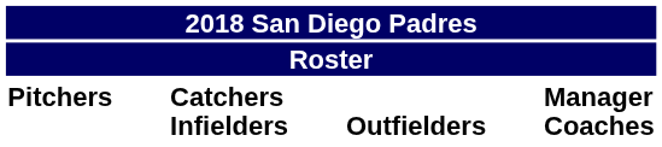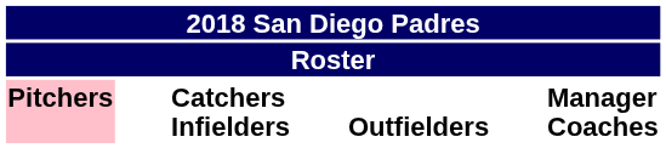 <table class="toccolours" style="font-size: 95%;">
 <tr>
 <th colspan="10" style="background-color: #000066; color: #FFFFFF; text-align: center;">2018 San Diego Padres</th>
 </tr>
 <tr>
 <td colspan="10" style="background-color: #000066; color: #FFFFFF; text-align: center;"><strong>Roster</strong></td>
 </tr>
 <tr>
-<td valign="top"><strong>Pitchers</strong><br>                            </td>
+<td valign="top" style="background: pink;"><strong>Pitchers</strong><br>                            </td>
 <td width="25px"></td>
 <td valign="top"><strong>Catchers</strong><br>    <strong>Infielders</strong>         </td>
 <td width="25px"></td>
 <td valign="top"><br><strong>Outfielders</strong>       </td>
 <td width="25px"></td>
 <td valign="top"><strong>Manager</strong><br> <strong>Coaches</strong>                    </td>
 </tr>
 </table>
